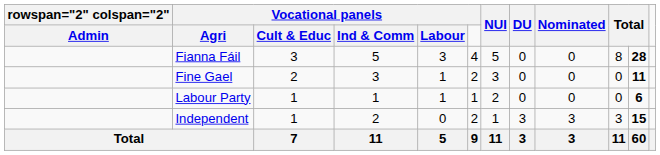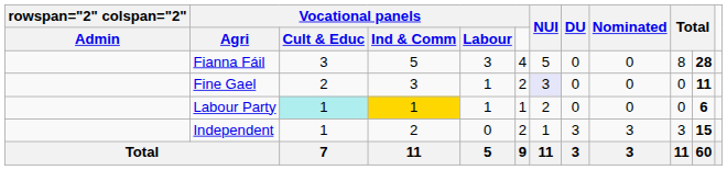 <table class="wikitable">
 <tr>
 <th>rowspan="2" colspan="2" </th>
 <th scope="col" colspan="5"><a href='#'>Vocational panels</a></th>
 <th rowspan="2"><a href='#'>NUI</a></th>
 <th rowspan="2"><a href='#'>DU</a></th>
 <th rowspan="2"><a href='#'>Nominated</a></th>
 <th rowspan="2" colspan="2">Total</th>
 </tr>
 <tr>
 <th scope="col"><a href='#'>Admin</a></th>
 <th scope="col"><a href='#'>Agri</a></th>
 <th scope="col"><a href='#'>Cult & Educ</a></th>
 <th scope="col"><a href='#'>Ind & Comm</a></th>
 <th scope="col"><a href='#'>Labour</a></th>
 </tr>
 <tr style="text-align:center">
 <td style="background-color: "></td>
 <td align="left"><a href='#'>Fianna Fáil</a></td>
 <td>3</td>
 <td>5</td>
 <td>3</td>
 <td>4</td>
 <td>5</td>
 <td>0</td>
 <td>0</td>
 <td>8</td>
 <td><strong>28</strong></td>
 <td style="background-color: "></td>
 </tr>
 <tr style="text-align:center">
 <td style="background-color: "></td>
 <td align="left"><a href='#'>Fine Gael</a></td>
 <td>2</td>
 <td>3</td>
 <td>1</td>
 <td>2</td>
-<td>3</td>
+<td style="background: lavender;">3</td>
 <td>0</td>
 <td>0</td>
 <td>0</td>
 <td><strong>11</strong></td>
 <td style="background-color: "></td>
 </tr>
 <tr style="text-align:center">
 <td style="background-color: "></td>
 <td align="left"><a href='#'>Labour Party</a></td>
-<td>1</td>
-<td>1</td>
+<td style="background: paleturquoise;">1</td>
+<td style="background: gold;">1</td>
 <td>1</td>
 <td>1</td>
 <td>2</td>
 <td>0</td>
 <td>0</td>
 <td>0</td>
 <td><strong>6</strong></td>
 <td style="background-color: "></td>
 </tr>
 <tr style="text-align:center">
 <td style="background-color: "></td>
 <td align="left"><a href='#'>Independent</a></td>
 <td>1</td>
 <td>2</td>
 <td>0</td>
 <td>2</td>
 <td>1</td>
 <td>3</td>
 <td>3</td>
 <td>3</td>
 <td><strong>15</strong></td>
 <td style="background-color: "></td>
 </tr>
 <tr style="text-align:center">
 <th colspan="2">Total</th>
 <th>7</th>
 <th>11</th>
 <th>5</th>
 <th>9</th>
 <th>11</th>
 <th>3</th>
 <th>3</th>
 <th>11</th>
 <th>60</th>
 <th></th>
 </tr>
 </table>
